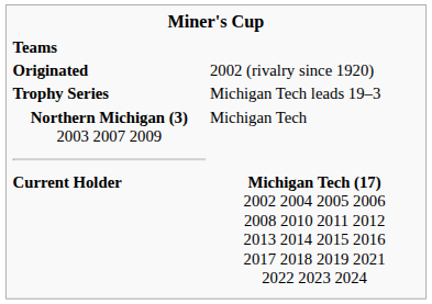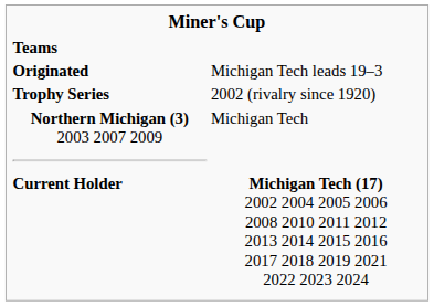 <table class="infobox" style="width: 26em; font-size: 95%;">
 <tr>
 <td colspan="2" style="text-align: center; font-size: 110%;"><strong>Miner's Cup</strong></td>
 </tr>
 <tr>
 <td><strong>Teams</strong></td>
 <td><br></td>
 </tr>
 <tr>
 <td><strong>Originated</strong></td>
-<td>2002 (rivalry since 1920)</td>
+<td>Michigan Tech leads 19–3</td>
 </tr>
 <tr>
 <td><strong>Trophy Series</strong></td>
-<td>Michigan Tech leads 19–3</td>
+<td>2002 (rivalry since 1920)</td>
 </tr>
 <tr>
 <td align="center"><strong>Northern Michigan (3)</strong><br> 2003 2007 2009</td>
 <td>Michigan Tech</td>
 </tr>
 <tr>
 <td align="center"><hr></td>
 <td></td>
 </tr>
 <tr>
 <td><strong>Current Holder</strong></td>
 <td align="center"><strong>Michigan Tech (17)</strong><br>2002 2004 2005 2006 <br> 2008 2010 2011 2012 <br> 2013 2014 2015 2016 <br> 2017 2018 2019 2021 <br> 2022 2023 2024</td>
 </tr>
 <tr>
 <td align=center colspan="2" style="white-space: nowrap;"></td>
 </tr>
 </table>
